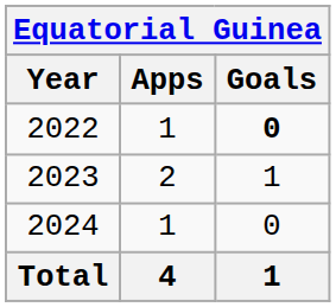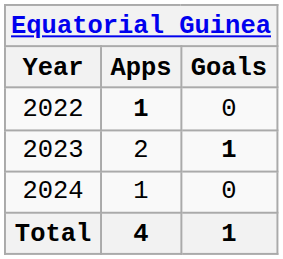 <table class=wikitable style=text-align:center>
 <tr>
 <th colspan=4><a href='#'>Equatorial Guinea</a></th>
 </tr>
 <tr>
 <th>Year</th>
 <th>Apps</th>
 <th>Goals</th>
 </tr>
 <tr>
 <td>2022</td>
-<td>1</td>
-<td><strong>0</strong></td>
+<td><strong>1</strong></td>
+<td>0</td>
 </tr>
 <tr>
 <td>2023</td>
 <td>2</td>
-<td>1</td>
+<td><strong>1</strong></td>
 </tr>
 <tr>
 <td>2024</td>
 <td>1</td>
 <td>0</td>
 </tr>
 <tr>
 <th colspan=1>Total</th>
 <th>4</th>
 <th>1</th>
 </tr>
 </table>
